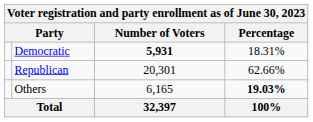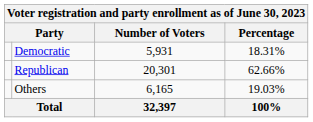 <table class=wikitable>
 <tr>
 <th colspan = 6>Voter registration and party enrollment as of June 30, 2023</th>
 </tr>
 <tr>
 <th colspan = 2>Party</th>
 <th>Number of Voters</th>
 <th>Percentage</th>
 </tr>
 <tr>
 <td></td>
 <td><a href='#'>Democratic</a></td>
-<td align = center><strong>5,931</strong></td>
+<td align = center>5,931</td>
 <td align = center>18.31%</td>
 </tr>
 <tr>
 <td></td>
 <td><a href='#'>Republican</a></td>
 <td align = center>20,301</td>
 <td align = center>62.66%</td>
 </tr>
 <tr>
 <td></td>
 <td>Others</td>
 <td align = center>6,165</td>
-<td align = center><strong>19.03%</strong></td>
+<td align = center>19.03%</td>
 </tr>
 <tr>
 <th colspan = 2>Total</th>
 <th align = center>32,397</th>
 <th align = center>100%</th>
 </tr>
 </table>
